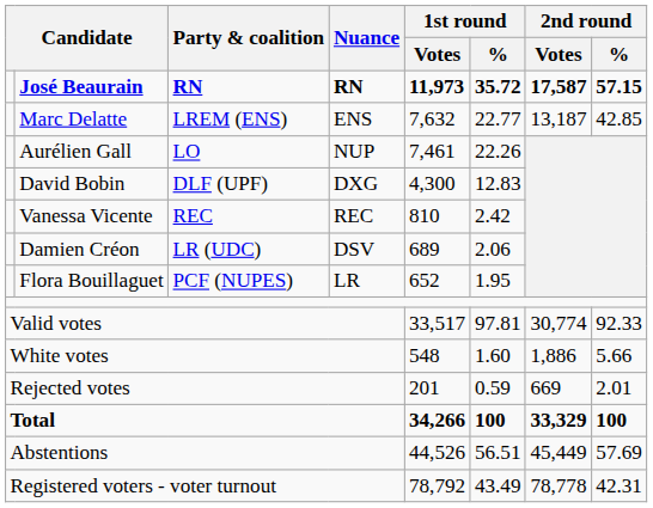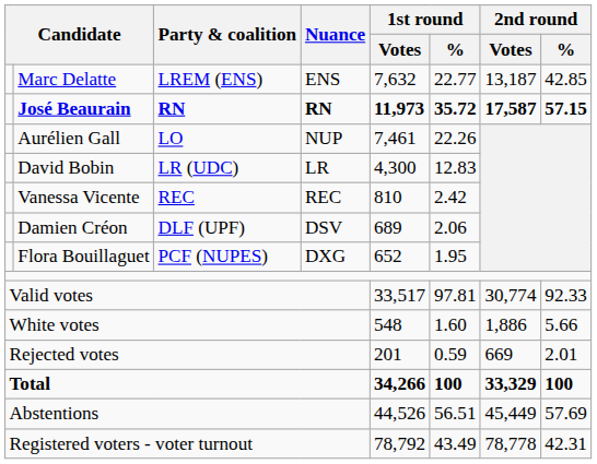 <table class="wikitable">
 <tr>
 <th colspan="2" rowspan="2">Candidate</th>
 <th rowspan="2">Party & coalition</th>
 <th rowspan="2"><a href='#'>Nuance</a></th>
 <th colspan="2">1st round</th>
 <th colspan="2">2nd round</th>
 </tr>
 <tr>
 <th>Votes</th>
 <th>%</th>
 <th>Votes</th>
 <th>%</th>
 </tr>
 <tr>
 <td style="background:"></td>
+<td><a href='#'>Marc Delatte</a></td>
+<td><a href='#'>LREM</a> (<a href='#'>ENS</a>)</td>
+<td>ENS</td>
+<td>7,632</td>
+<td>22.77</td>
+<td>13,187</td>
+<td>42.85</td>
+</tr>
+<tr>
+<td style="background:"></td>
 <td><strong><a href='#'>José Beaurain</a></strong></td>
 <td><strong><a href='#'>RN</a></strong></td>
 <td><strong>RN</strong></td>
 <td><strong>11,973</strong></td>
 <td><strong>35.72</strong></td>
 <td><strong>17,587</strong></td>
 <td><strong>57.15</strong></td>
-</tr>
-<tr>
-<td style="background:"></td>
-<td><a href='#'>Marc Delatte</a></td>
-<td><a href='#'>LREM</a> (<a href='#'>ENS</a>)</td>
-<td>ENS</td>
-<td>7,632</td>
-<td>22.77</td>
-<td>13,187</td>
-<td>42.85</td>
 </tr>
 <tr>
 <td style="background:"></td>
 <td>Aurélien Gall</td>
 <td><a href='#'>LO</a></td>
 <td>NUP</td>
 <td>7,461</td>
 <td>22.26</td>
 <th colspan="2" rowspan="5"></th>
 </tr>
 <tr>
 <td style="background:"></td>
 <td>David Bobin</td>
-<td><a href='#'>DLF</a> (<abbr>UPF</abbr>)</td>
-<td>DXG</td>
+<td><a href='#'>LR</a> (<a href='#'>UDC</a>)</td>
+<td>LR</td>
 <td>4,300</td>
 <td>12.83</td>
 </tr>
 <tr>
 <td style="background:"></td>
 <td>Vanessa Vicente</td>
 <td><a href='#'>REC</a></td>
 <td>REC</td>
 <td>810</td>
 <td>2.42</td>
 </tr>
 <tr>
 <td style="background:"></td>
 <td>Damien Créon</td>
-<td><a href='#'>LR</a> (<a href='#'>UDC</a>)</td>
+<td><a href='#'>DLF</a> (<abbr>UPF</abbr>)</td>
 <td>DSV</td>
 <td>689</td>
 <td>2.06</td>
 </tr>
 <tr>
 <td style="background:"></td>
 <td>Flora Bouillaguet</td>
 <td><a href='#'>PCF</a> (<a href='#'>NUPES</a>)</td>
-<td>LR</td>
+<td>DXG</td>
 <td>652</td>
 <td>1.95</td>
 </tr>
 <tr>
 <td colspan="8"></td>
 </tr>
 <tr>
 <td colspan="4">Valid votes</td>
 <td>33,517</td>
 <td>97.81</td>
 <td>30,774</td>
 <td>92.33</td>
 </tr>
 <tr>
 <td colspan="4">White votes</td>
 <td>548</td>
 <td>1.60</td>
 <td>1,886</td>
 <td>5.66</td>
 </tr>
 <tr>
 <td colspan="4">Rejected votes</td>
 <td>201</td>
 <td>0.59</td>
 <td>669</td>
 <td>2.01</td>
 </tr>
 <tr>
 <td colspan="4"><strong>Total</strong></td>
 <td><strong>34,266</strong></td>
 <td><strong>100</strong></td>
 <td><strong>33,329</strong></td>
 <td><strong>100</strong></td>
 </tr>
 <tr>
 <td colspan="4">Abstentions</td>
 <td>44,526</td>
 <td>56.51</td>
 <td>45,449</td>
 <td>57.69</td>
 </tr>
 <tr>
 <td colspan="4">Registered voters - voter turnout</td>
 <td>78,792</td>
 <td>43.49</td>
 <td>78,778</td>
 <td>42.31</td>
 </tr>
 </table>
